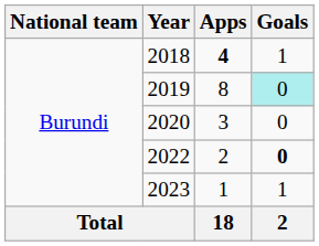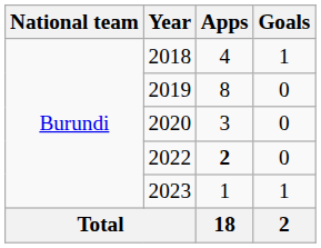 <table class="wikitable" style="text-align:center">
 <tr>
 <th>National team</th>
 <th>Year</th>
 <th>Apps</th>
 <th>Goals</th>
 </tr>
 <tr>
 <td rowspan="5"><a href='#'>Burundi</a></td>
 <td>2018</td>
-<td><strong>4</strong></td>
+<td>4</td>
 <td>1</td>
 </tr>
 <tr>
 <td>2019</td>
 <td>8</td>
-<td style="background: paleturquoise;">0</td>
+<td>0</td>
 </tr>
 <tr>
 <td>2020</td>
 <td>3</td>
 <td>0</td>
 </tr>
 <tr>
 <td>2022</td>
-<td>2</td>
-<td><strong>0</strong></td>
+<td><strong>2</strong></td>
+<td>0</td>
 </tr>
 <tr>
 <td>2023</td>
 <td>1</td>
 <td>1</td>
 </tr>
 <tr>
 <th colspan="2">Total</th>
 <th>18</th>
 <th>2</th>
 </tr>
 </table>
